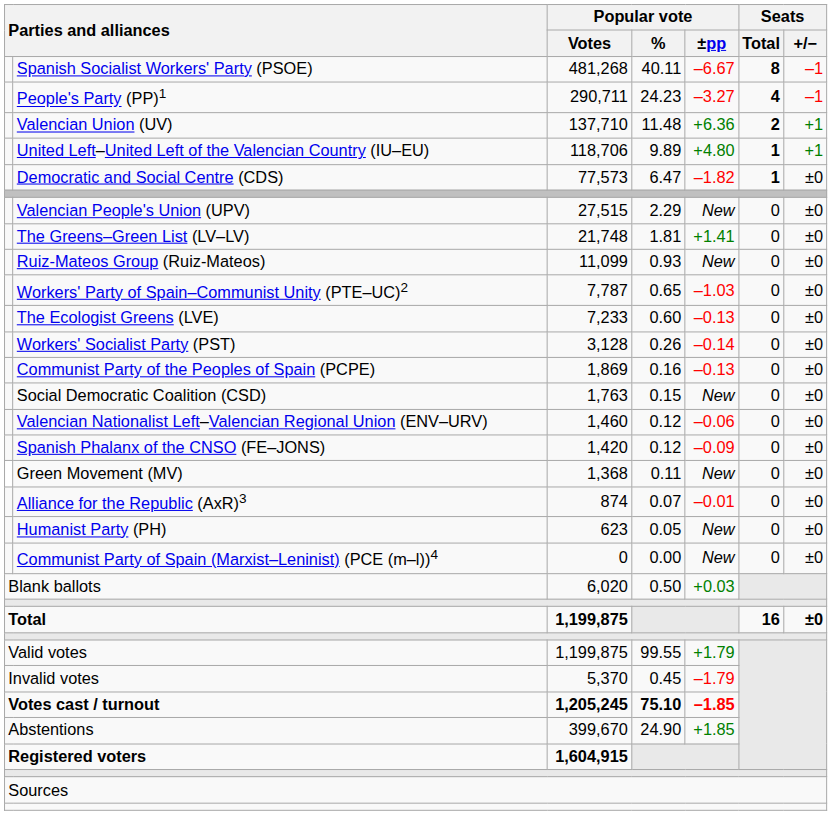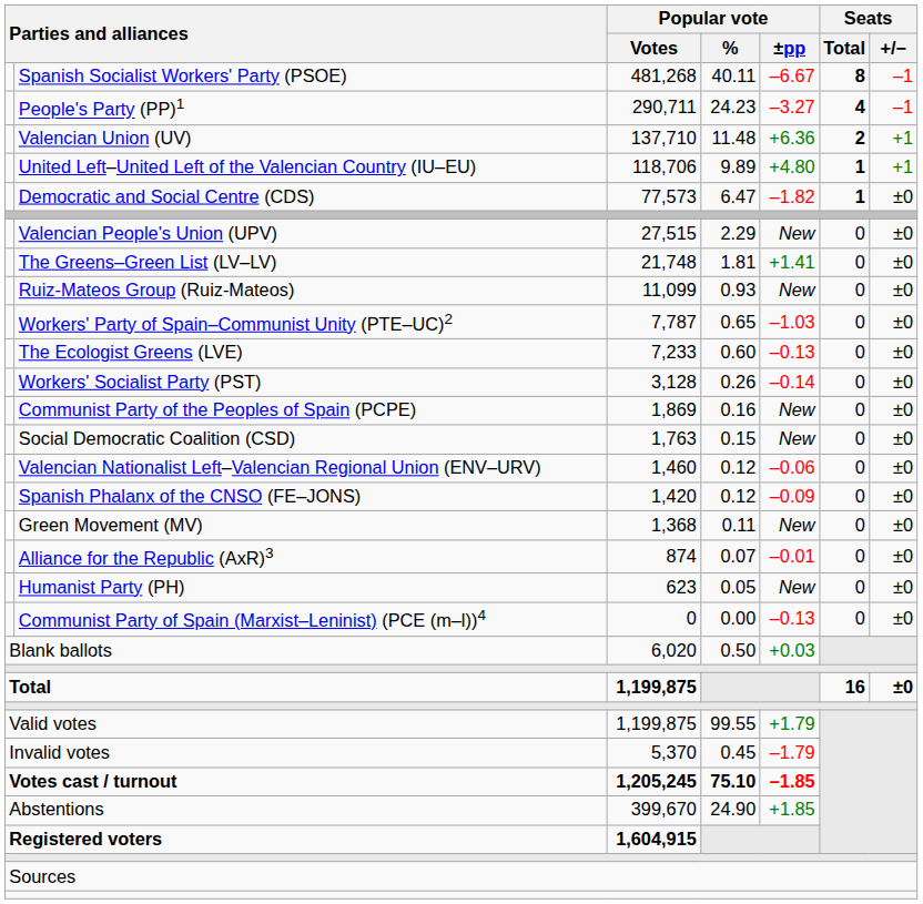 <table class="wikitable" style="text-align:right;">
 <tr>
 <th style="text-align:left;" rowspan="2" colspan="2" width="525">Parties and alliances</th>
 <th colspan="3">Popular vote</th>
 <th colspan="2">Seats</th>
 </tr>
 <tr>
 <th width="75">Votes</th>
 <th width="45">%</th>
 <th width="45">±<a href='#'>pp</a></th>
 <th width="35">Total</th>
 <th width="35">+/−</th>
 </tr>
 <tr>
 <td width="1" style="color:inherit;background:"></td>
 <td align="left"><a href='#'>Spanish Socialist Workers' Party</a> (PSOE)</td>
 <td>481,268</td>
 <td>40.11</td>
 <td style="color:red;">–6.67</td>
 <td><strong>8</strong></td>
 <td style="color:red;">–1</td>
 </tr>
 <tr>
 <td style="color:inherit;background:"></td>
 <td align="left"><a href='#'>People's Party</a> (PP)<sup>1</sup></td>
 <td>290,711</td>
 <td>24.23</td>
 <td style="color:red;">–3.27</td>
 <td><strong>4</strong></td>
 <td style="color:red;">–1</td>
 </tr>
 <tr>
 <td style="color:inherit;background:"></td>
 <td align="left"><a href='#'>Valencian Union</a> (UV)</td>
 <td>137,710</td>
 <td>11.48</td>
 <td style="color:green;">+6.36</td>
 <td><strong>2</strong></td>
 <td style="color:green;">+1</td>
 </tr>
 <tr>
 <td style="color:inherit;background:"></td>
 <td align="left"><a href='#'>United Left</a>–<a href='#'>United Left of the Valencian Country</a> (IU–EU)</td>
 <td>118,706</td>
 <td>9.89</td>
 <td style="color:green;">+4.80</td>
 <td><strong>1</strong></td>
 <td style="color:green;">+1</td>
 </tr>
 <tr>
 <td style="color:inherit;background:"></td>
 <td align="left"><a href='#'>Democratic and Social Centre</a> (CDS)</td>
 <td>77,573</td>
 <td>6.47</td>
 <td style="color:red;">–1.82</td>
 <td><strong>1</strong></td>
 <td>±0</td>
 </tr>
 <tr>
 <td colspan="7" bgcolor="#C0C0C0"></td>
 </tr>
 <tr>
 <td style="color:inherit;background:"></td>
 <td align="left"><a href='#'>Valencian People's Union</a> (UPV)</td>
 <td>27,515</td>
 <td>2.29</td>
 <td><em>New</em></td>
 <td>0</td>
 <td>±0</td>
 </tr>
 <tr>
 <td style="color:inherit;background:"></td>
 <td align="left"><a href='#'>The Greens–Green List</a> (LV–LV)</td>
 <td>21,748</td>
 <td>1.81</td>
 <td style="color:green;">+1.41</td>
 <td>0</td>
 <td>±0</td>
 </tr>
 <tr>
 <td style="color:inherit;background:"></td>
 <td align="left"><a href='#'>Ruiz-Mateos Group</a> (Ruiz-Mateos)</td>
 <td>11,099</td>
 <td>0.93</td>
 <td><em>New</em></td>
 <td>0</td>
 <td>±0</td>
 </tr>
 <tr>
 <td style="color:inherit;background:"></td>
 <td align="left"><a href='#'>Workers' Party of Spain–Communist Unity</a> (PTE–UC)<sup>2</sup></td>
 <td>7,787</td>
 <td>0.65</td>
 <td style="color:red;">–1.03</td>
 <td>0</td>
 <td>±0</td>
 </tr>
 <tr>
 <td style="color:inherit;background:"></td>
 <td align="left"><a href='#'>The Ecologist Greens</a> (LVE)</td>
 <td>7,233</td>
 <td>0.60</td>
 <td style="color:red;">–0.13</td>
 <td>0</td>
 <td>±0</td>
 </tr>
 <tr>
 <td style="color:inherit;background:"></td>
 <td align="left"><a href='#'>Workers' Socialist Party</a> (PST)</td>
 <td>3,128</td>
 <td>0.26</td>
 <td style="color:red;">–0.14</td>
 <td>0</td>
 <td>±0</td>
 </tr>
 <tr>
 <td style="color:inherit;background:"></td>
 <td align="left"><a href='#'>Communist Party of the Peoples of Spain</a> (PCPE)</td>
 <td>1,869</td>
 <td>0.16</td>
-<td style="color:red;">–0.13</td>
+<td><em>New</em></td>
 <td>0</td>
 <td>±0</td>
 </tr>
 <tr>
 <td style="color:inherit;background:"></td>
 <td align="left">Social Democratic Coalition (CSD)</td>
 <td>1,763</td>
 <td>0.15</td>
 <td><em>New</em></td>
 <td>0</td>
 <td>±0</td>
 </tr>
 <tr>
 <td style="color:inherit;background:"></td>
 <td align="left"><a href='#'>Valencian Nationalist Left</a>–<a href='#'>Valencian Regional Union</a> (ENV–URV)</td>
 <td>1,460</td>
 <td>0.12</td>
 <td style="color:red;">–0.06</td>
 <td>0</td>
 <td>±0</td>
 </tr>
 <tr>
 <td style="color:inherit;background:"></td>
 <td align="left"><a href='#'>Spanish Phalanx of the CNSO</a> (FE–JONS)</td>
 <td>1,420</td>
 <td>0.12</td>
 <td style="color:red;">–0.09</td>
 <td>0</td>
 <td>±0</td>
 </tr>
 <tr>
 <td bgcolor="white"></td>
 <td align="left">Green Movement (MV)</td>
 <td>1,368</td>
 <td>0.11</td>
 <td><em>New</em></td>
 <td>0</td>
 <td>±0</td>
 </tr>
 <tr>
 <td style="color:inherit;background:"></td>
 <td align="left"><a href='#'>Alliance for the Republic</a> (AxR)<sup>3</sup></td>
 <td>874</td>
 <td>0.07</td>
 <td style="color:red;">–0.01</td>
 <td>0</td>
 <td>±0</td>
 </tr>
 <tr>
 <td style="color:inherit;background:"></td>
 <td align="left"><a href='#'>Humanist Party</a> (PH)</td>
 <td>623</td>
 <td>0.05</td>
 <td><em>New</em></td>
 <td>0</td>
 <td>±0</td>
 </tr>
 <tr>
 <td style="color:inherit;background:"></td>
 <td align="left"><a href='#'>Communist Party of Spain (Marxist–Leninist)</a> (PCE (m–l))<sup>4</sup></td>
 <td>0</td>
 <td>0.00</td>
-<td><em>New</em></td>
+<td style="color:red;">–0.13</td>
 <td>0</td>
 <td>±0</td>
 </tr>
 <tr>
 <td align="left" colspan="2">Blank ballots</td>
 <td>6,020</td>
 <td>0.50</td>
 <td style="color:green;">+0.03</td>
 <td bgcolor="#E9E9E9" colspan="2"></td>
 </tr>
 <tr>
 <td colspan="7" bgcolor="#E9E9E9"></td>
 </tr>
 <tr style="font-weight:bold;">
 <td align="left" colspan="2">Total</td>
 <td>1,199,875</td>
 <td bgcolor="#E9E9E9" colspan="2"></td>
 <td>16</td>
 <td>±0</td>
 </tr>
 <tr>
 <td colspan="7" bgcolor="#E9E9E9"></td>
 </tr>
 <tr>
 <td align="left" colspan="2">Valid votes</td>
 <td>1,199,875</td>
 <td>99.55</td>
 <td style="color:green;">+1.79</td>
 <td bgcolor="#E9E9E9" colspan="2" rowspan="5"></td>
 </tr>
 <tr>
 <td align="left" colspan="2">Invalid votes</td>
 <td>5,370</td>
 <td>0.45</td>
 <td style="color:red;">–1.79</td>
 </tr>
 <tr style="font-weight:bold;">
 <td align="left" colspan="2">Votes cast / turnout</td>
 <td>1,205,245</td>
 <td>75.10</td>
 <td style="color:red;">–1.85</td>
 </tr>
 <tr>
 <td align="left" colspan="2">Abstentions</td>
 <td>399,670</td>
 <td>24.90</td>
 <td style="color:green;">+1.85</td>
 </tr>
 <tr style="font-weight:bold;">
 <td align="left" colspan="2">Registered voters</td>
 <td>1,604,915</td>
 <td bgcolor="#E9E9E9" colspan="2"></td>
 </tr>
 <tr>
 <td colspan="7" bgcolor="#E9E9E9"></td>
 </tr>
 <tr>
 <td align="left" colspan="7">Sources</td>
 </tr>
 <tr>
 <td colspan="7" style="text-align:left; max-width:790px;"></td>
 </tr>
 </table>
